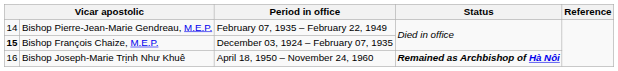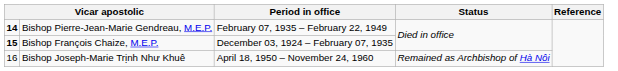 <table class="wikitable">
 <tr>
 <th colspan="2">Vicar apostolic</th>
 <th>Period in office</th>
 <th>Status</th>
 <th>Reference</th>
 </tr>
 <tr>
-<td>14</td>
+<td><strong>14</strong></td>
 <td>Bishop Pierre-Jean-Marie Gendreau, <a href='#'>M.E.P.</a></td>
 <td>February 07, 1935 – February 22, 1949</td>
 <td rowspan=2><em>Died in office</em></td>
 <td rowspan=3></td>
 </tr>
 <tr>
 <td><strong>15</strong></td>
 <td>Bishop François Chaize, <a href='#'>M.E.P.</a></td>
 <td>December 03, 1924 – February 07, 1935</td>
 </tr>
 <tr>
 <td>16</td>
 <td>Bishop Joseph-Marie Trịnh Như Khuê</td>
 <td>April 18, 1950 – November 24, 1960</td>
-<td><strong><em>Remained as Archbishop of <a href='#'>Hà Nôi</a></em></strong></td>
+<td><em>Remained as Archbishop of <a href='#'>Hà Nôi</a></em></td>
 </tr>
 </table>
